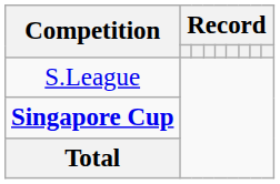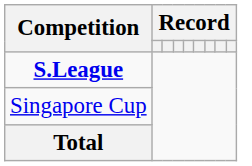 <table class="wikitable" style="text-align: center">
 <tr>
 <th rowspan=2>Competition</th>
 <th colspan=8>Record</th>
 </tr>
 <tr>
 <th></th>
 <th></th>
 <th></th>
 <th></th>
 <th></th>
 <th></th>
 <th></th>
 <th></th>
 </tr>
 <tr>
-<td><a href='#'>S.League</a><br></td>
+<td><strong><a href='#'>S.League</a><br></strong></td>
 </tr>
 <tr>
-<td><strong><a href='#'>Singapore Cup</a><br></strong></td>
+<td><a href='#'>Singapore Cup</a><br></td>
 </tr>
 <tr>
 <th>Total<br></th>
 </tr>
 </table>
